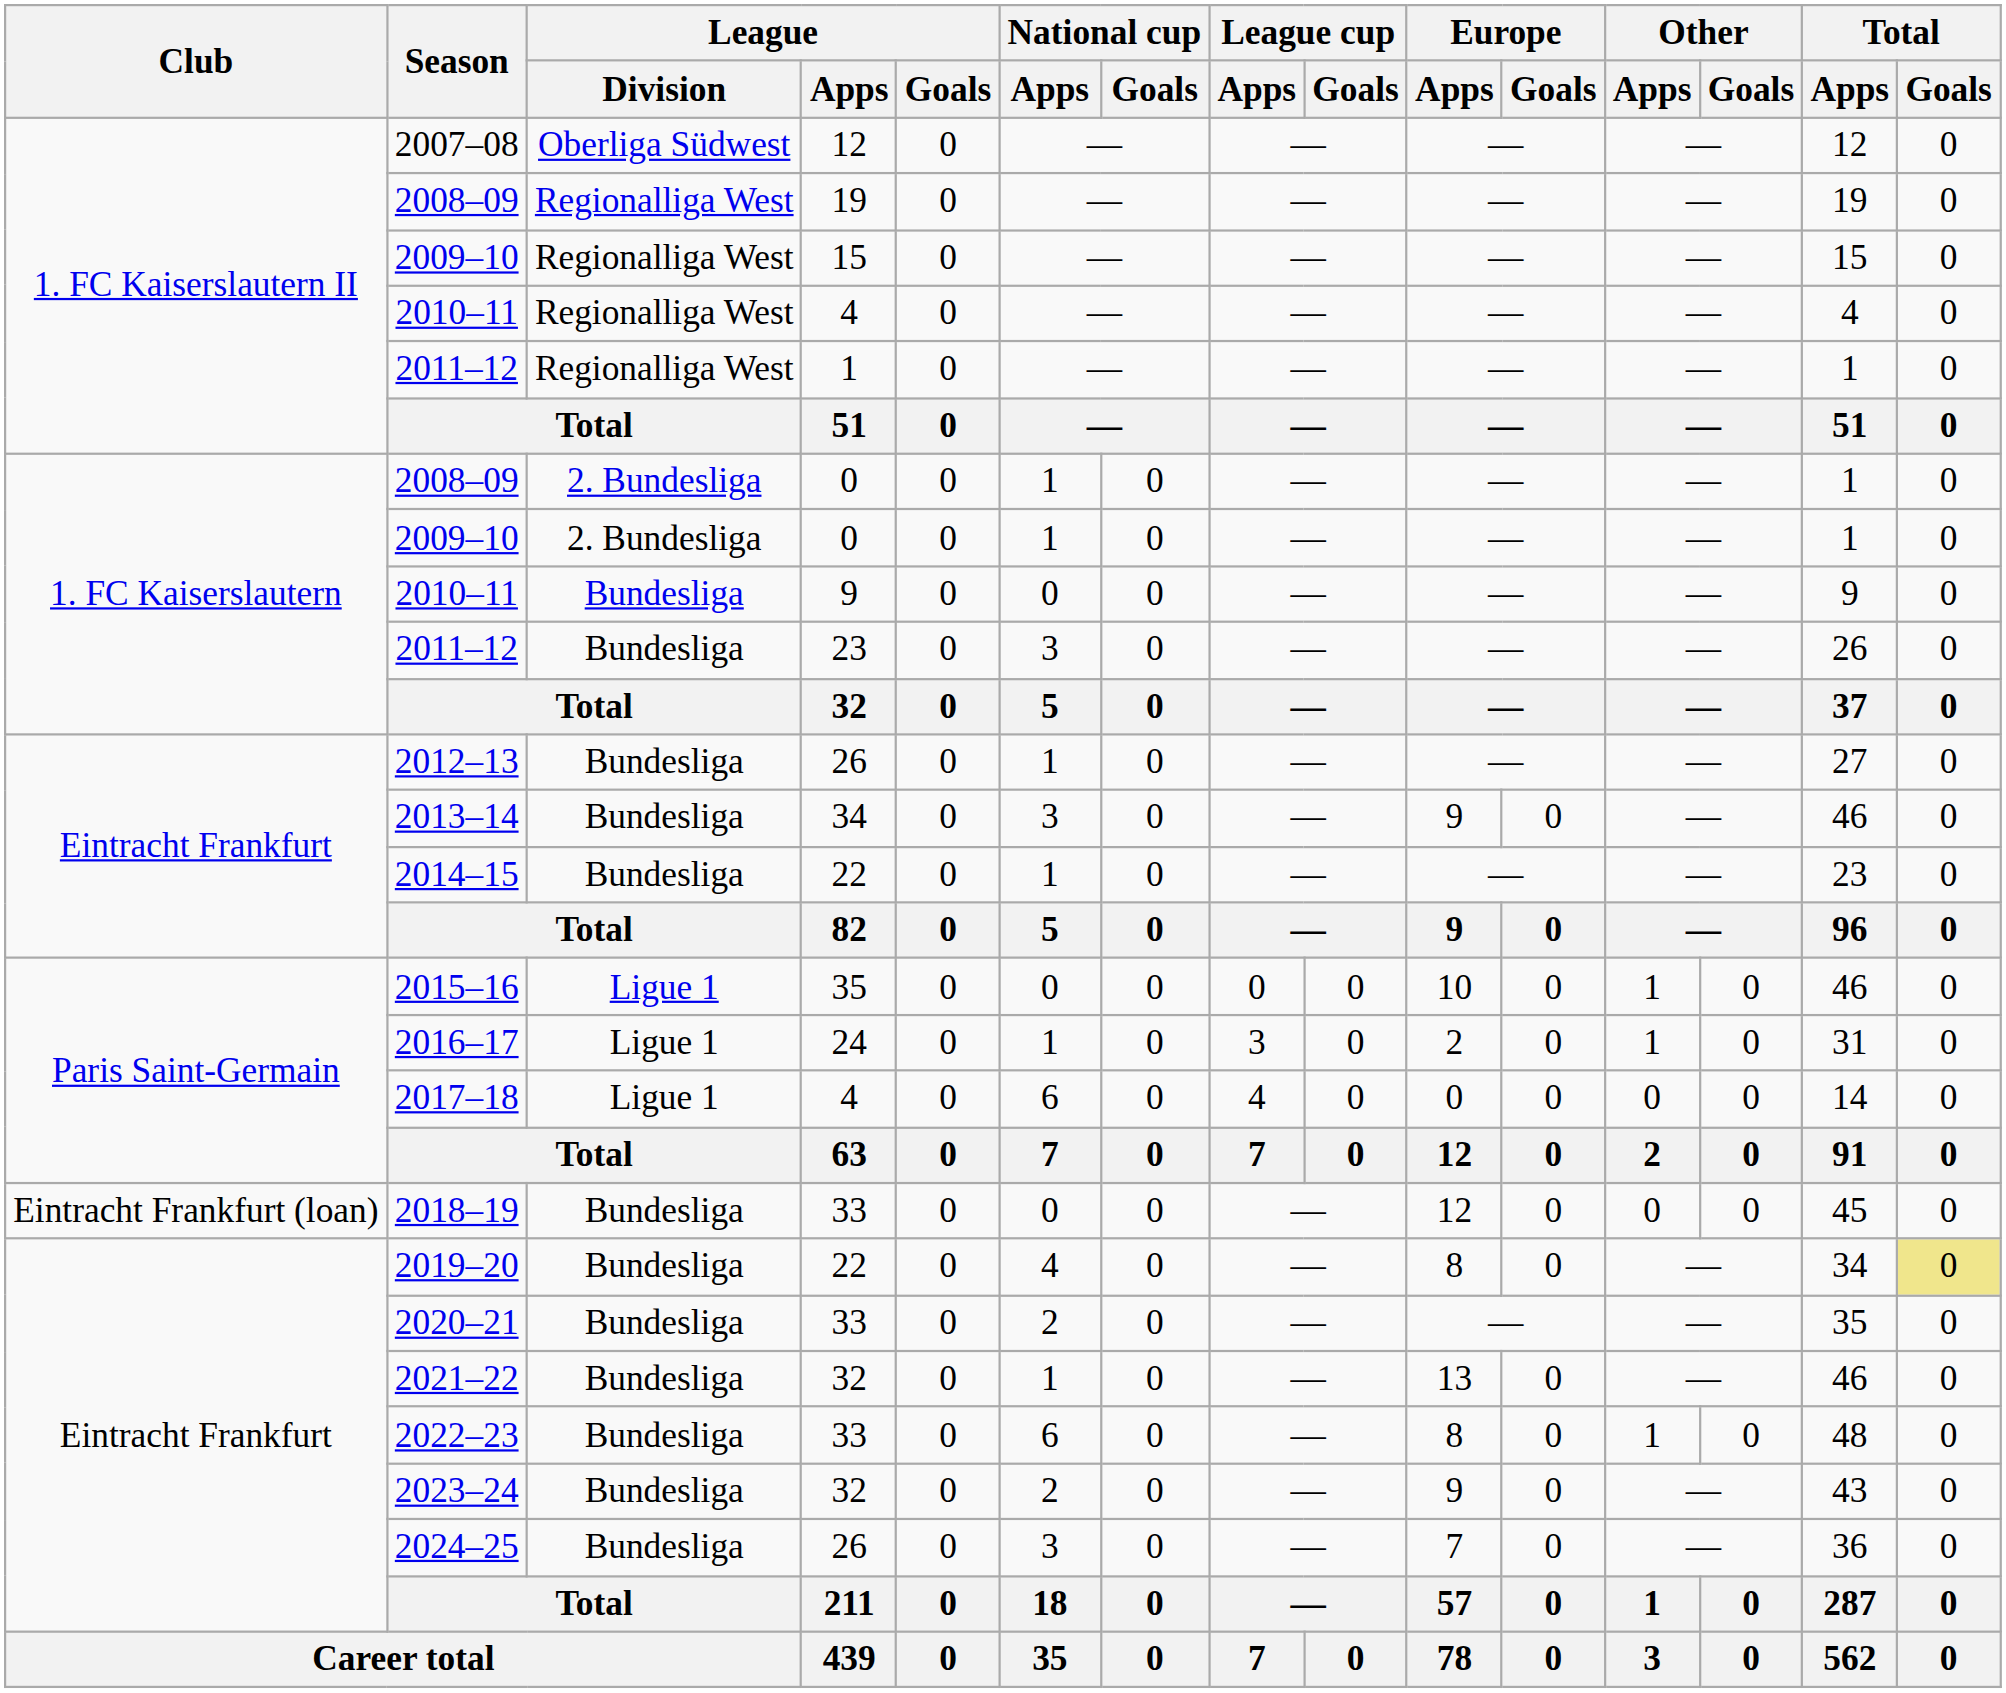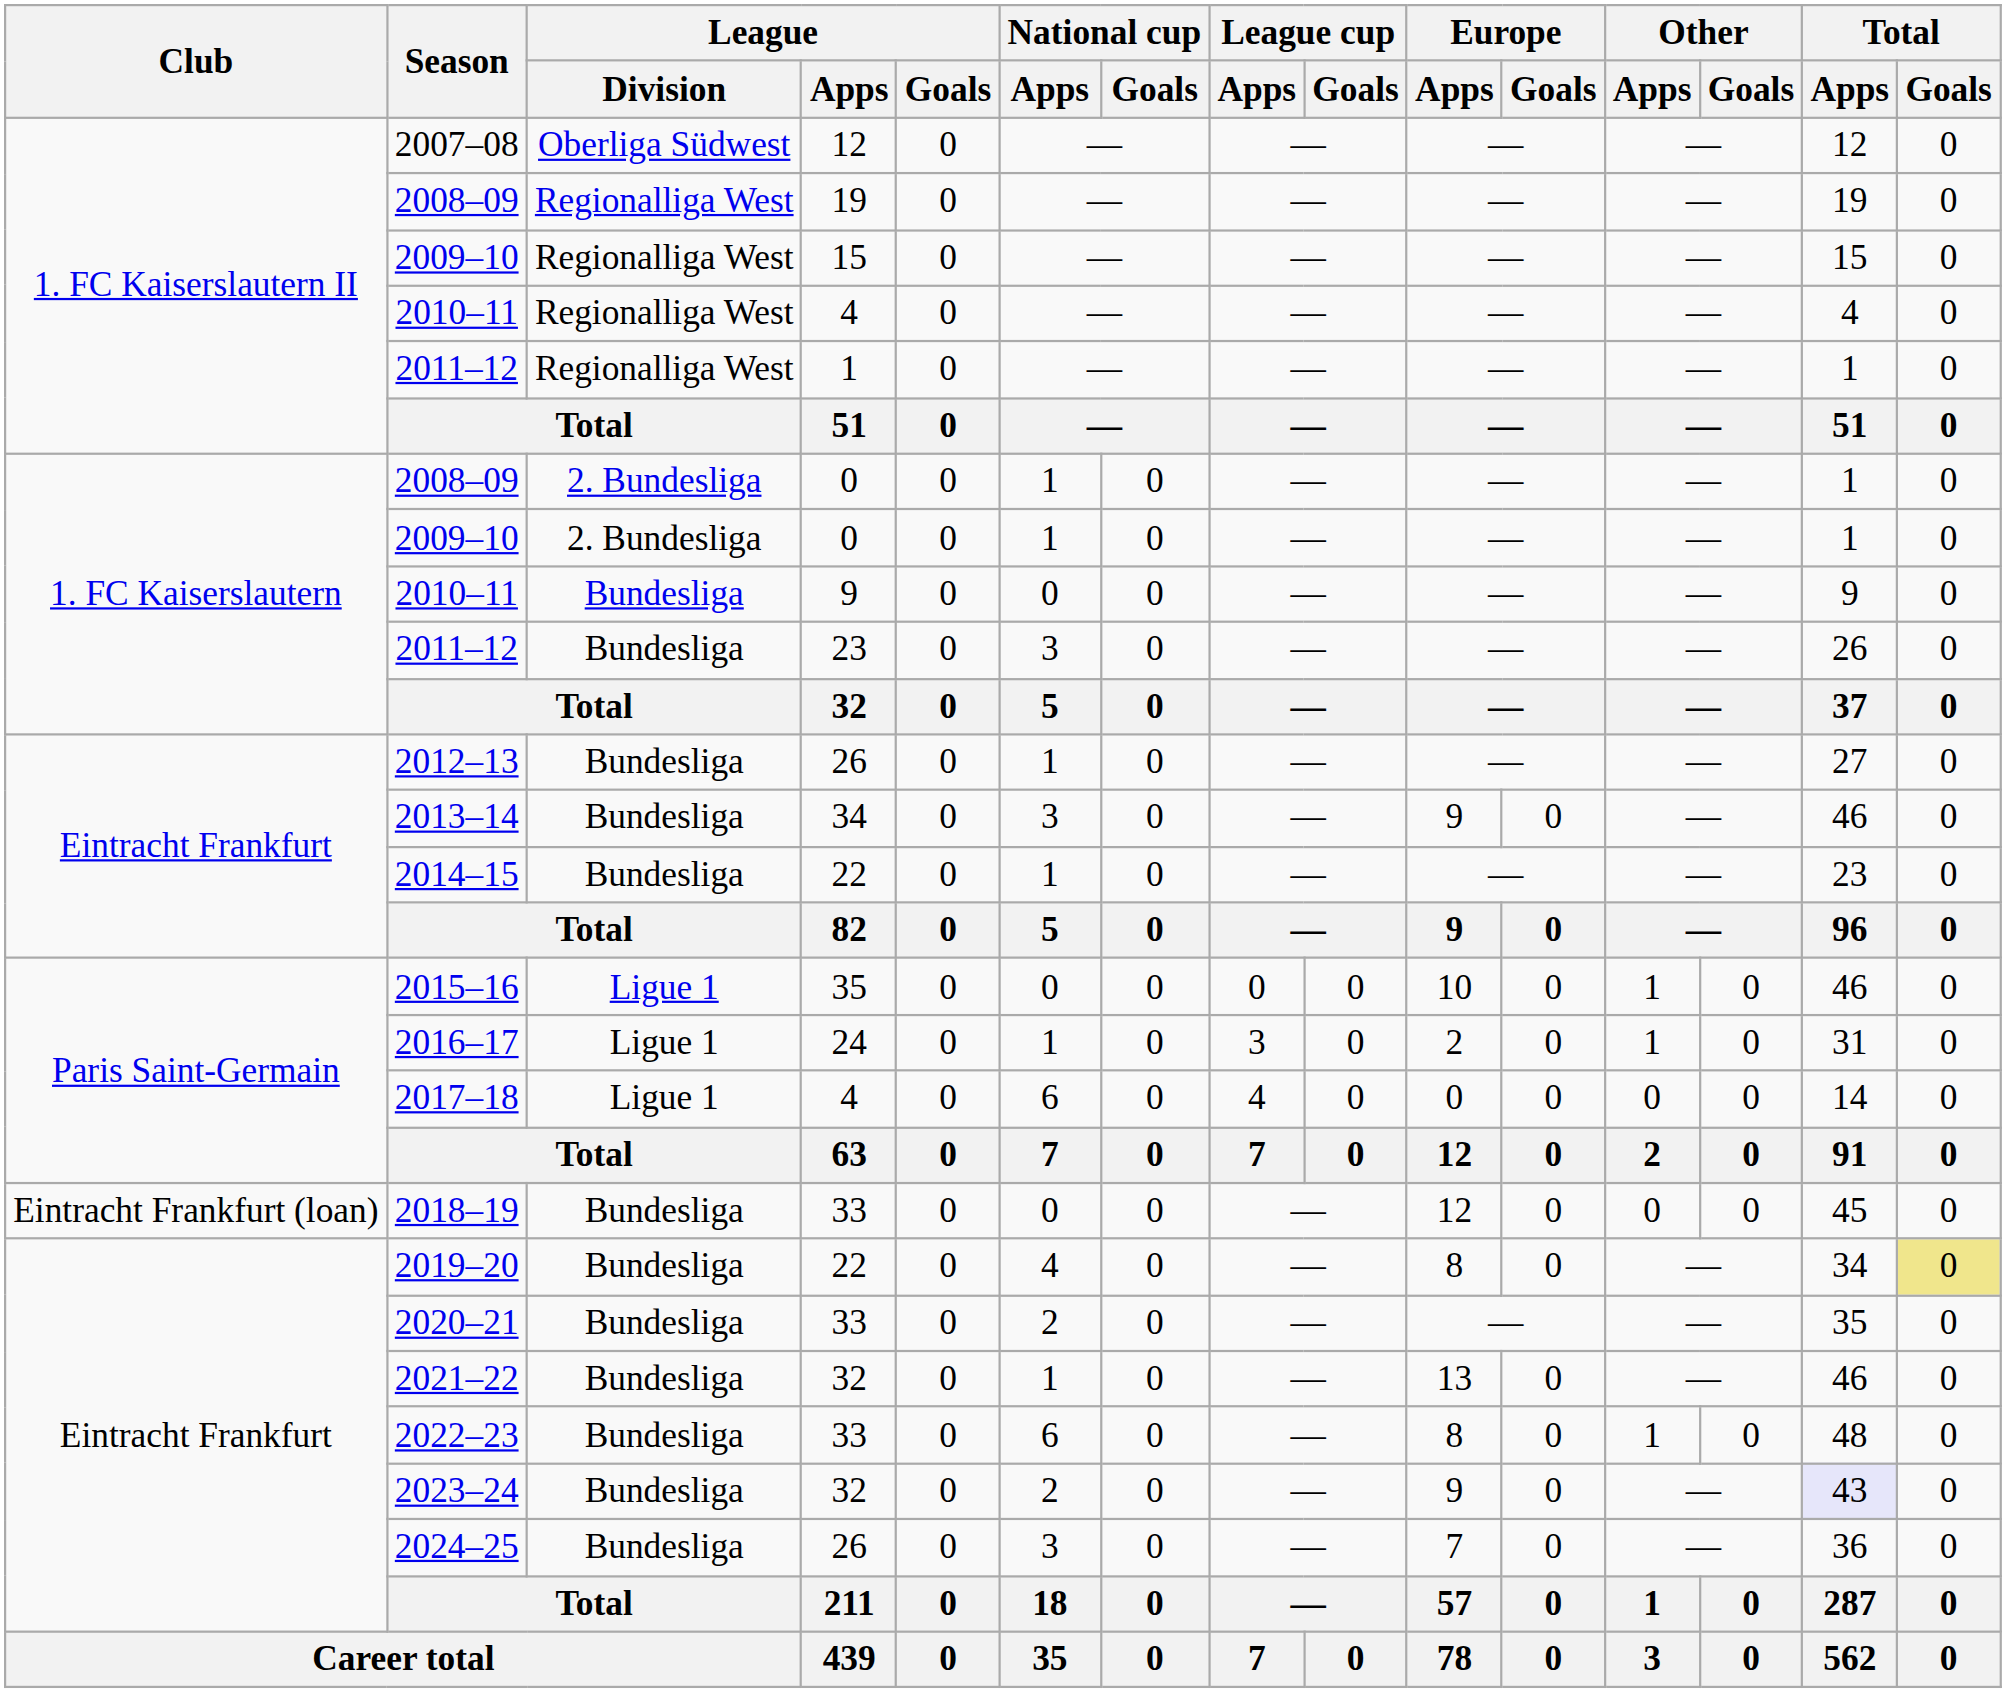 <table class="wikitable" style="text-align:center">
 <tr>
 <th rowspan="2">Club</th>
 <th rowspan="2">Season</th>
 <th colspan="3">League</th>
 <th colspan="2">National cup</th>
 <th colspan="2">League cup</th>
 <th colspan="2">Europe</th>
 <th colspan="2">Other</th>
 <th colspan="2">Total</th>
 </tr>
 <tr>
 <th>Division</th>
 <th>Apps</th>
 <th>Goals</th>
 <th>Apps</th>
 <th>Goals</th>
 <th>Apps</th>
 <th>Goals</th>
 <th>Apps</th>
 <th>Goals</th>
 <th>Apps</th>
 <th>Goals</th>
 <th>Apps</th>
 <th>Goals</th>
 </tr>
 <tr>
 <td rowspan="6"><a href='#'>1. FC Kaiserslautern II</a></td>
 <td>2007–08</td>
 <td><a href='#'>Oberliga Südwest</a></td>
 <td>12</td>
 <td>0</td>
 <td colspan="2">—</td>
 <td colspan="2">—</td>
 <td colspan="2">—</td>
 <td colspan="2">—</td>
 <td>12</td>
 <td>0</td>
 </tr>
 <tr>
 <td><a href='#'>2008–09</a></td>
 <td><a href='#'>Regionalliga West</a></td>
 <td>19</td>
 <td>0</td>
 <td colspan="2">—</td>
 <td colspan="2">—</td>
 <td colspan="2">—</td>
 <td colspan="2">—</td>
 <td>19</td>
 <td>0</td>
 </tr>
 <tr>
 <td><a href='#'>2009–10</a></td>
 <td>Regionalliga West</td>
 <td>15</td>
 <td>0</td>
 <td colspan="2">—</td>
 <td colspan="2">—</td>
 <td colspan="2">—</td>
 <td colspan="2">—</td>
 <td>15</td>
 <td>0</td>
 </tr>
 <tr>
 <td><a href='#'>2010–11</a></td>
 <td>Regionalliga West</td>
 <td>4</td>
 <td>0</td>
 <td colspan="2">—</td>
 <td colspan="2">—</td>
 <td colspan="2">—</td>
 <td colspan="2">—</td>
 <td>4</td>
 <td>0</td>
 </tr>
 <tr>
 <td><a href='#'>2011–12</a></td>
 <td>Regionalliga West</td>
 <td>1</td>
 <td>0</td>
 <td colspan="2">—</td>
 <td colspan="2">—</td>
 <td colspan="2">—</td>
 <td colspan="2">—</td>
 <td>1</td>
 <td>0</td>
 </tr>
 <tr>
 <th colspan="2">Total</th>
 <th>51</th>
 <th>0</th>
 <th colspan="2">—</th>
 <th colspan="2">—</th>
 <th colspan="2">—</th>
 <th colspan="2">—</th>
 <th>51</th>
 <th>0</th>
 </tr>
 <tr>
 <td rowspan="5"><a href='#'>1. FC Kaiserslautern</a></td>
 <td><a href='#'>2008–09</a></td>
 <td><a href='#'>2. Bundesliga</a></td>
 <td>0</td>
 <td>0</td>
 <td>1</td>
 <td>0</td>
 <td colspan="2">—</td>
 <td colspan="2">—</td>
 <td colspan="2">—</td>
 <td>1</td>
 <td>0</td>
 </tr>
 <tr>
 <td><a href='#'>2009–10</a></td>
 <td>2. Bundesliga</td>
 <td>0</td>
 <td>0</td>
 <td>1</td>
 <td>0</td>
 <td colspan="2">—</td>
 <td colspan="2">—</td>
 <td colspan="2">—</td>
 <td>1</td>
 <td>0</td>
 </tr>
 <tr>
 <td><a href='#'>2010–11</a></td>
 <td><a href='#'>Bundesliga</a></td>
 <td>9</td>
 <td>0</td>
 <td>0</td>
 <td>0</td>
 <td colspan="2">—</td>
 <td colspan="2">—</td>
 <td colspan="2">—</td>
 <td>9</td>
 <td>0</td>
 </tr>
 <tr>
 <td><a href='#'>2011–12</a></td>
 <td>Bundesliga</td>
 <td>23</td>
 <td>0</td>
 <td>3</td>
 <td>0</td>
 <td colspan="2">—</td>
 <td colspan="2">—</td>
 <td colspan="2">—</td>
 <td>26</td>
 <td>0</td>
 </tr>
 <tr>
 <th colspan="2">Total</th>
 <th>32</th>
 <th>0</th>
 <th>5</th>
 <th>0</th>
 <th colspan="2">—</th>
 <th colspan="2">—</th>
 <th colspan="2">—</th>
 <th>37</th>
 <th>0</th>
 </tr>
 <tr>
 <td rowspan="4"><a href='#'>Eintracht Frankfurt</a></td>
 <td><a href='#'>2012–13</a></td>
 <td>Bundesliga</td>
 <td>26</td>
 <td>0</td>
 <td>1</td>
 <td>0</td>
 <td colspan="2">—</td>
 <td colspan="2">—</td>
 <td colspan="2">—</td>
 <td>27</td>
 <td>0</td>
 </tr>
 <tr>
 <td><a href='#'>2013–14</a></td>
 <td>Bundesliga</td>
 <td>34</td>
 <td>0</td>
 <td>3</td>
 <td>0</td>
 <td colspan="2">—</td>
 <td>9</td>
 <td>0</td>
 <td colspan="2">—</td>
 <td>46</td>
 <td>0</td>
 </tr>
 <tr>
 <td><a href='#'>2014–15</a></td>
 <td>Bundesliga</td>
 <td>22</td>
 <td>0</td>
 <td>1</td>
 <td>0</td>
 <td colspan="2">—</td>
 <td colspan="2">—</td>
 <td colspan="2">—</td>
 <td>23</td>
 <td>0</td>
 </tr>
 <tr>
 <th colspan="2">Total</th>
 <th>82</th>
 <th>0</th>
 <th>5</th>
 <th>0</th>
 <th colspan="2">—</th>
 <th>9</th>
 <th>0</th>
 <th colspan="2">—</th>
 <th>96</th>
 <th>0</th>
 </tr>
 <tr>
 <td rowspan="4"><a href='#'>Paris Saint-Germain</a></td>
 <td><a href='#'>2015–16</a></td>
 <td><a href='#'>Ligue 1</a></td>
 <td>35</td>
 <td>0</td>
 <td>0</td>
 <td>0</td>
 <td>0</td>
 <td>0</td>
 <td>10</td>
 <td>0</td>
 <td>1</td>
 <td>0</td>
 <td>46</td>
 <td>0</td>
 </tr>
 <tr>
 <td><a href='#'>2016–17</a></td>
 <td>Ligue 1</td>
 <td>24</td>
 <td>0</td>
 <td>1</td>
 <td>0</td>
 <td>3</td>
 <td>0</td>
 <td>2</td>
 <td>0</td>
 <td>1</td>
 <td>0</td>
 <td>31</td>
 <td>0</td>
 </tr>
 <tr>
 <td><a href='#'>2017–18</a></td>
 <td>Ligue 1</td>
 <td>4</td>
 <td>0</td>
 <td>6</td>
 <td>0</td>
 <td>4</td>
 <td>0</td>
 <td>0</td>
 <td>0</td>
 <td>0</td>
 <td>0</td>
 <td>14</td>
 <td>0</td>
 </tr>
 <tr>
 <th colspan="2">Total</th>
 <th>63</th>
 <th>0</th>
 <th>7</th>
 <th>0</th>
 <th>7</th>
 <th>0</th>
 <th>12</th>
 <th>0</th>
 <th>2</th>
 <th>0</th>
 <th>91</th>
 <th>0</th>
 </tr>
 <tr>
 <td>Eintracht Frankfurt (loan)</td>
 <td><a href='#'>2018–19</a></td>
 <td>Bundesliga</td>
 <td>33</td>
 <td>0</td>
 <td>0</td>
 <td>0</td>
 <td colspan="2">—</td>
 <td>12</td>
 <td>0</td>
 <td>0</td>
 <td>0</td>
 <td>45</td>
 <td>0</td>
 </tr>
 <tr>
 <td rowspan="7">Eintracht Frankfurt</td>
 <td><a href='#'>2019–20</a></td>
 <td>Bundesliga</td>
 <td>22</td>
 <td>0</td>
 <td>4</td>
 <td>0</td>
 <td colspan="2">—</td>
 <td>8</td>
 <td>0</td>
 <td colspan="2">—</td>
 <td>34</td>
 <td style="background: khaki;">0</td>
 </tr>
 <tr>
 <td><a href='#'>2020–21</a></td>
 <td>Bundesliga</td>
 <td>33</td>
 <td>0</td>
 <td>2</td>
 <td>0</td>
 <td colspan="2">—</td>
 <td colspan="2">—</td>
 <td colspan="2">—</td>
 <td>35</td>
 <td>0</td>
 </tr>
 <tr>
 <td><a href='#'>2021–22</a></td>
 <td>Bundesliga</td>
 <td>32</td>
 <td>0</td>
 <td>1</td>
 <td>0</td>
 <td colspan="2">—</td>
 <td>13</td>
 <td>0</td>
 <td colspan="2">—</td>
 <td>46</td>
 <td>0</td>
 </tr>
 <tr>
 <td><a href='#'>2022–23</a></td>
 <td>Bundesliga</td>
 <td>33</td>
 <td>0</td>
 <td>6</td>
 <td>0</td>
 <td colspan="2">—</td>
 <td>8</td>
 <td>0</td>
 <td>1</td>
 <td>0</td>
 <td>48</td>
 <td>0</td>
 </tr>
 <tr>
 <td><a href='#'>2023–24</a></td>
 <td>Bundesliga</td>
 <td>32</td>
 <td>0</td>
 <td>2</td>
 <td>0</td>
 <td colspan="2">—</td>
 <td>9</td>
 <td>0</td>
 <td colspan="2">—</td>
-<td>43</td>
+<td style="background: lavender;">43</td>
 <td>0</td>
 </tr>
 <tr>
 <td><a href='#'>2024–25</a></td>
 <td>Bundesliga</td>
 <td>26</td>
 <td>0</td>
 <td>3</td>
 <td>0</td>
 <td colspan="2">—</td>
 <td>7</td>
 <td>0</td>
 <td colspan="2">—</td>
 <td>36</td>
 <td>0</td>
 </tr>
 <tr>
 <th colspan="2">Total</th>
 <th>211</th>
 <th>0</th>
 <th>18</th>
 <th>0</th>
 <th colspan="2">—</th>
 <th>57</th>
 <th>0</th>
 <th>1</th>
 <th>0</th>
 <th>287</th>
 <th>0</th>
 </tr>
 <tr>
 <th colspan="3">Career total</th>
 <th>439</th>
 <th>0</th>
 <th>35</th>
 <th>0</th>
 <th>7</th>
 <th>0</th>
 <th>78</th>
 <th>0</th>
 <th>3</th>
 <th>0</th>
 <th>562</th>
 <th>0</th>
 </tr>
 </table>
